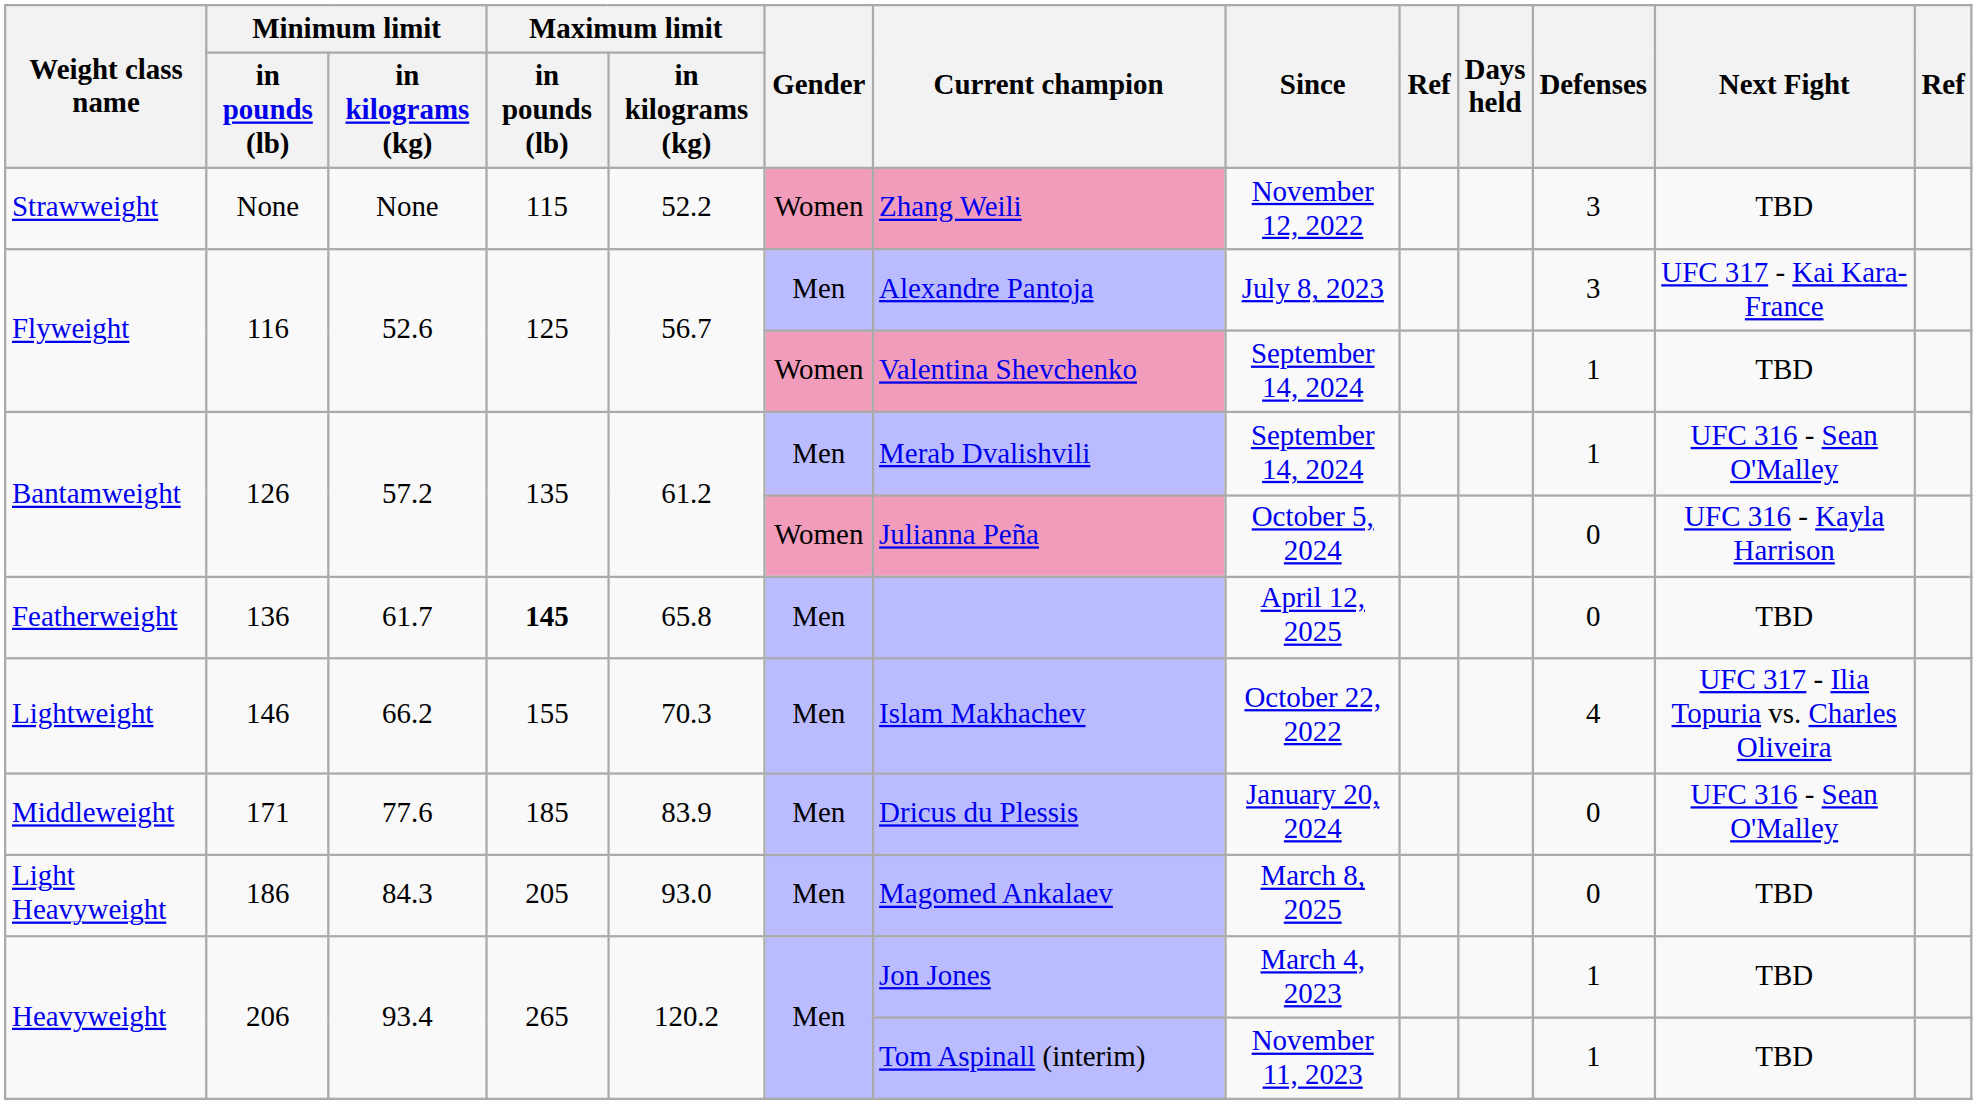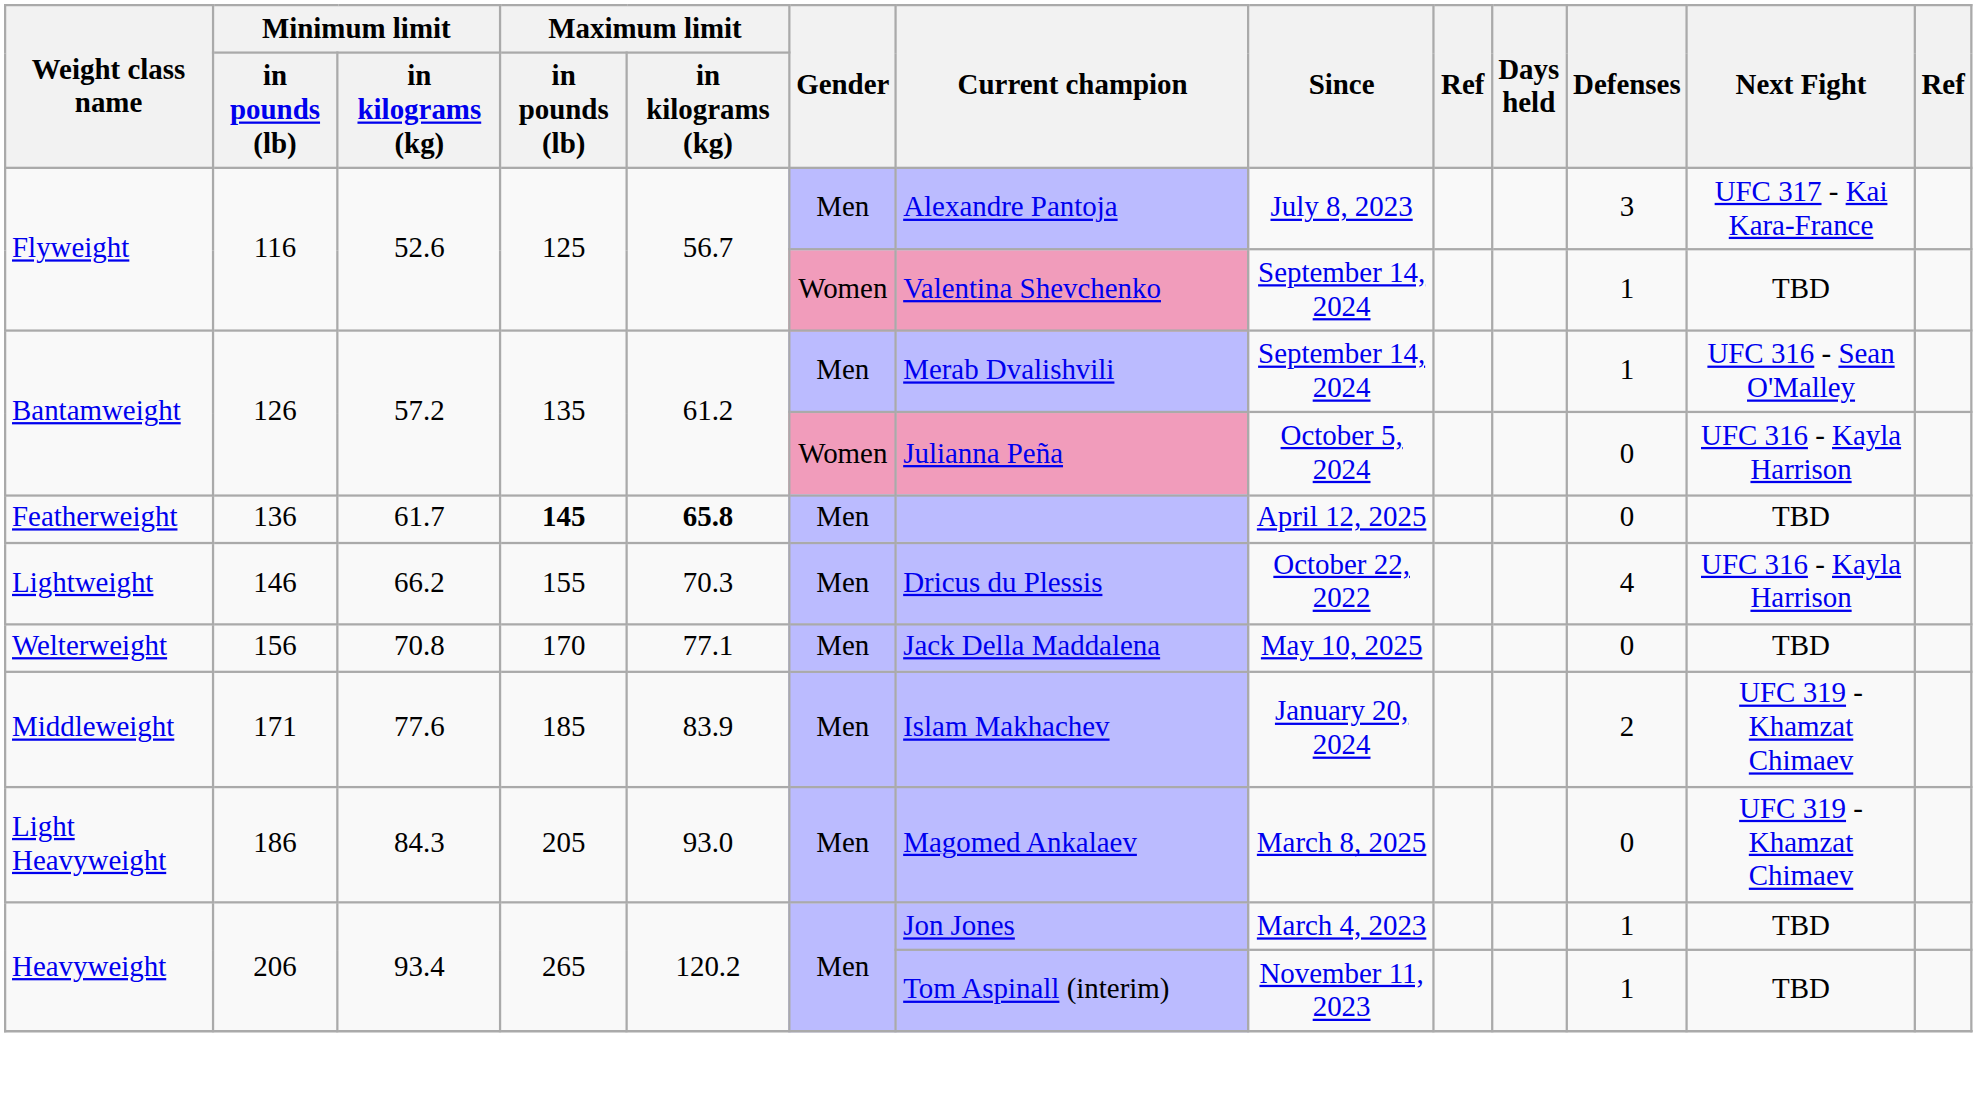 <table class="wikitable" style="font-size: 80%;">
 <tr>
 <th rowspan="2">Weight class<br>name</th>
 <th colspan="2">Minimum limit</th>
 <th colspan="2">Maximum limit</th>
 <th rowspan="2">Gender</th>
 <th rowspan="2" style="width:150px;">Current champion</th>
 <th rowspan="2">Since</th>
 <th rowspan="2">Ref</th>
 <th rowspan="2">Days<br>held</th>
 <th rowspan="2">Defenses</th>
 <th rowspan="2">Next Fight</th>
 <th rowspan="2">Ref</th>
 </tr>
 <tr>
 <th>in<br><a href='#'>pounds</a> (lb)</th>
 <th>in<br><a href='#'>kilograms</a> (kg)</th>
 <th>in<br>pounds (lb)</th>
 <th>in<br>kilograms (kg)</th>
-</tr>
-<tr style="text-align:center;">
-<td style="text-align:left"><a href='#'>Strawweight</a></td>
-<td>None</td>
-<td>None</td>
-<td>115</td>
-<td>52.2</td>
-<td style="background:#F19CBB;">Women</td>
-<td style="text-align:left; background:#F19CBB"> <a href='#'>Zhang Weili</a></td>
-<td><a href='#'>November 12, 2022</a></td>
-<td></td>
-<td></td>
-<td>3</td>
-<td>TBD</td>
-<td></td>
 </tr>
 <tr style="text-align:center;">
 <td rowspan="2" style="text-align:left;"><a href='#'>Flyweight</a></td>
 <td rowspan=2>116</td>
 <td rowspan="2">52.6</td>
 <td rowspan="2">125</td>
 <td rowspan=2>56.7</td>
 <td style="background:#BBF; ">Men</td>
 <td style="text-align:left; background:#BBF; width:2em"> <a href='#'>Alexandre Pantoja</a></td>
 <td><a href='#'>July 8, 2023</a></td>
 <td></td>
 <td></td>
 <td>3</td>
 <td><a href='#'>UFC 317</a> - <a href='#'>Kai Kara-France</a></td>
 <td></td>
 </tr>
 <tr style="text-align:center;">
 <td style="background:#F19CBB;">Women</td>
 <td style="text-align:left; background:#F19CBB"> <a href='#'>Valentina Shevchenko</a></td>
 <td><a href='#'>September 14, 2024</a></td>
 <td></td>
 <td></td>
 <td>1</td>
 <td>TBD</td>
 <td></td>
 </tr>
 <tr style="text-align:center;">
 <td rowspan="2" style="text-align:left;"><a href='#'>Bantamweight</a></td>
 <td rowspan=2>126</td>
 <td rowspan="2">57.2</td>
 <td rowspan="2">135</td>
 <td rowspan=2>61.2</td>
 <td rowspan=1 style="background:#BBF; ">Men</td>
 <td style="text-align:left; background:#BBF; width:2em"> <a href='#'>Merab Dvalishvili</a></td>
 <td><a href='#'>September 14, 2024</a></td>
 <td></td>
 <td></td>
 <td>1</td>
 <td><a href='#'>UFC 316</a> - <a href='#'>Sean O'Malley</a></td>
 <td></td>
 </tr>
 <tr style="text-align:center;">
 <td style="background:#F19CBB;">Women</td>
 <td style="text-align:left; background:#F19CBB"> <a href='#'>Julianna Peña</a></td>
 <td><a href='#'>October 5, 2024</a></td>
 <td></td>
 <td></td>
 <td>0</td>
 <td><a href='#'>UFC 316</a> - <a href='#'>Kayla Harrison</a></td>
 <td></td>
 </tr>
 <tr style="text-align:center;">
 <td style="text-align:left;"><a href='#'>Featherweight</a></td>
 <td>136</td>
 <td>61.7</td>
 <td><strong>145</strong></td>
-<td>65.8</td>
+<td><strong>65.8</strong></td>
 <td style="background:#BBF; width:2em">Men</td>
 <td style="text-align:left; background:#BBF; width:2em"></td>
 <td><a href='#'>April 12, 2025</a></td>
 <td></td>
 <td></td>
 <td>0</td>
 <td>TBD</td>
 <td></td>
 </tr>
 <tr style="text-align:center;">
 <td style="text-align:left"><a href='#'>Lightweight</a></td>
 <td>146</td>
 <td>66.2</td>
 <td>155</td>
 <td>70.3</td>
 <td style="background:#BBF; width:2em">Men</td>
-<td style="text-align:left; background:#BBF; width:2em"> <a href='#'>Islam Makhachev</a></td>
+<td style="text-align:left; background:#BBF; width:2em"> <a href='#'>Dricus du Plessis</a></td>
 <td><a href='#'>October 22, 2022</a></td>
 <td></td>
 <td></td>
 <td>4</td>
-<td><a href='#'>UFC 317</a> - <a href='#'>Ilia Topuria</a> vs. <a href='#'>Charles Oliveira</a></td>
+<td><a href='#'>UFC 316</a> - <a href='#'>Kayla Harrison</a></td>
+<td></td>
+</tr>
+<tr style="text-align:center;">
+<td style="text-align:left"><a href='#'>Welterweight</a></td>
+<td>156</td>
+<td>70.8</td>
+<td>170</td>
+<td>77.1</td>
+<td style="background:#BBF; width:2em">Men</td>
+<td style="text-align:left; background:#BBF; width:2em"> <a href='#'>Jack Della Maddalena</a></td>
+<td><a href='#'>May 10, 2025</a></td>
+<td></td>
+<td></td>
+<td>0</td>
+<td>TBD</td>
 <td></td>
 </tr>
 <tr style="text-align:center;">
 <td style="text-align:left"><a href='#'>Middleweight</a></td>
 <td>171</td>
 <td>77.6</td>
 <td>185</td>
 <td>83.9</td>
 <td style="background:#BBF; width:2em">Men</td>
-<td style="text-align:left; background:#BBF; width:2em"> <a href='#'>Dricus du Plessis</a></td>
+<td style="text-align:left; background:#BBF; width:2em"> <a href='#'>Islam Makhachev</a></td>
 <td><a href='#'>January 20, 2024</a></td>
 <td></td>
 <td></td>
-<td>0</td>
-<td><a href='#'>UFC 316</a> - <a href='#'>Sean O'Malley</a></td>
+<td>2</td>
+<td><a href='#'>UFC 319</a> - <a href='#'>Khamzat Chimaev</a></td>
 <td></td>
 </tr>
 <tr style="text-align:center;">
 <td style="text-align:left"><a href='#'>Light Heavyweight</a></td>
 <td>186</td>
 <td>84.3</td>
 <td>205</td>
 <td>93.0</td>
 <td style="background:#BBF; width:2em">Men</td>
 <td style="text-align:left; background:#BBF; width:2em"> <a href='#'>Magomed Ankalaev</a></td>
 <td><a href='#'>March 8, 2025</a></td>
 <td></td>
 <td></td>
 <td>0</td>
-<td>TBD</td>
+<td><a href='#'>UFC 319</a> - <a href='#'>Khamzat Chimaev</a></td>
 <td></td>
 </tr>
 <tr style="text-align:center;">
 <td rowspan=2 style="text-align:left"><a href='#'>Heavyweight</a></td>
 <td rowspan=2>206</td>
 <td rowspan="2">93.4</td>
 <td rowspan="2">265</td>
 <td rowspan=2>120.2</td>
 <td rowspan=2 style="background:#BBF; width:2em">Men</td>
 <td style="text-align:left; background:#BBF;width:2em"> <a href='#'>Jon Jones</a></td>
 <td><a href='#'>March 4, 2023</a></td>
 <td></td>
 <td></td>
 <td>1</td>
 <td>TBD</td>
 <td></td>
 </tr>
 <tr style="text-align:center;">
 <td style="text-align:left; background:#BBF;width:2em"> <a href='#'>Tom Aspinall</a> (interim)</td>
 <td><a href='#'>November 11, 2023</a></td>
 <td></td>
 <td></td>
 <td>1</td>
 <td>TBD</td>
 <td></td>
 </tr>
 <tr>
 </tr>
 </table>
